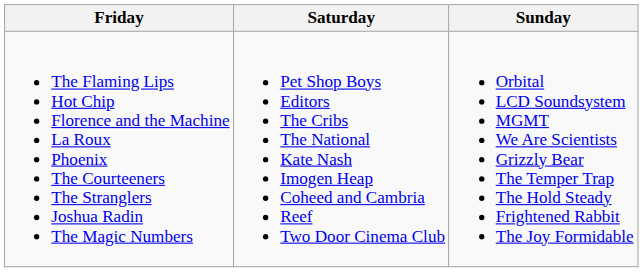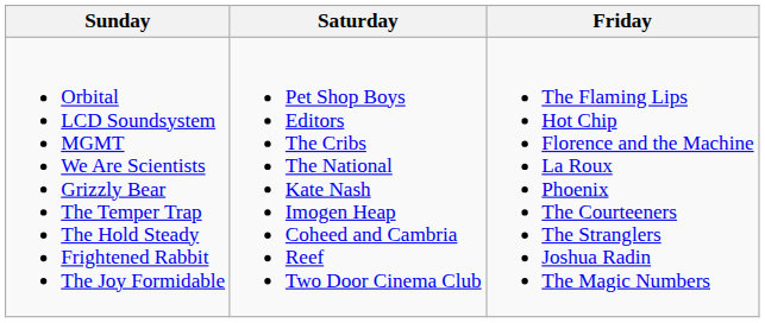 <table class="wikitable">
 <tr>
+<th>Sunday</th>
+<th>Saturday</th>
 <th>Friday</th>
-<th>Saturday</th>
-<th>Sunday</th>
 </tr>
 <tr valign="top">
+<td><br><ul><li><a href='#'>Orbital</a></li><li><a href='#'>LCD Soundsystem</a></li><li><a href='#'>MGMT</a></li><li><a href='#'>We Are Scientists</a></li><li><a href='#'>Grizzly Bear</a></li><li><a href='#'>The Temper Trap</a></li><li><a href='#'>The Hold Steady</a></li><li><a href='#'>Frightened Rabbit</a></li><li><a href='#'>The Joy Formidable</a></li></ul></td>
+<td><br><ul><li><a href='#'>Pet Shop Boys</a></li><li><a href='#'>Editors</a></li><li><a href='#'>The Cribs</a></li><li><a href='#'>The National</a></li><li><a href='#'>Kate Nash</a></li><li><a href='#'>Imogen Heap</a></li><li><a href='#'>Coheed and Cambria</a></li><li><a href='#'>Reef</a></li><li><a href='#'>Two Door Cinema Club</a></li></ul></td>
 <td><br><ul><li><a href='#'>The Flaming Lips</a></li><li><a href='#'>Hot Chip</a></li><li><a href='#'>Florence and the Machine</a></li><li><a href='#'>La Roux</a></li><li><a href='#'>Phoenix</a></li><li><a href='#'>The Courteeners</a></li><li><a href='#'>The Stranglers</a></li><li><a href='#'>Joshua Radin</a></li><li><a href='#'>The Magic Numbers</a></li></ul></td>
-<td><br><ul><li><a href='#'>Pet Shop Boys</a></li><li><a href='#'>Editors</a></li><li><a href='#'>The Cribs</a></li><li><a href='#'>The National</a></li><li><a href='#'>Kate Nash</a></li><li><a href='#'>Imogen Heap</a></li><li><a href='#'>Coheed and Cambria</a></li><li><a href='#'>Reef</a></li><li><a href='#'>Two Door Cinema Club</a></li></ul></td>
-<td><br><ul><li><a href='#'>Orbital</a></li><li><a href='#'>LCD Soundsystem</a></li><li><a href='#'>MGMT</a></li><li><a href='#'>We Are Scientists</a></li><li><a href='#'>Grizzly Bear</a></li><li><a href='#'>The Temper Trap</a></li><li><a href='#'>The Hold Steady</a></li><li><a href='#'>Frightened Rabbit</a></li><li><a href='#'>The Joy Formidable</a></li></ul></td>
 </tr>
 </table>
